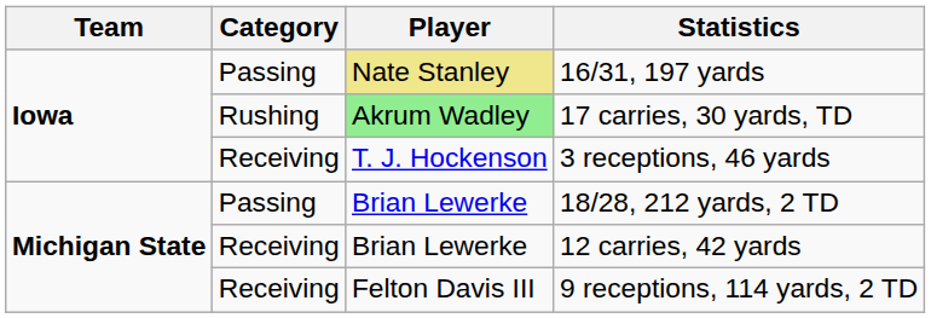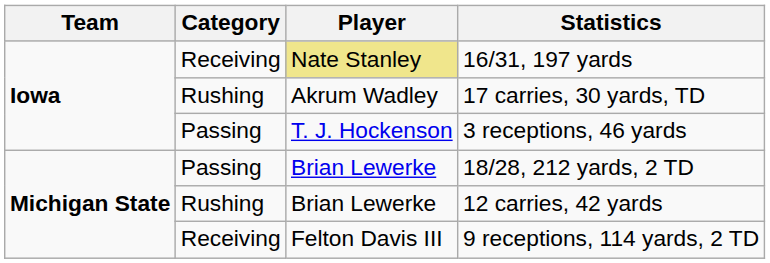 <table class="wikitable" style="float: left;">
 <tr>
 <th>Team</th>
 <th>Category</th>
 <th>Player</th>
 <th>Statistics</th>
 </tr>
 <tr>
 <td rowspan=3><strong>Iowa</strong></td>
-<td>Passing</td>
+<td>Receiving</td>
 <td style="background: khaki;">Nate Stanley</td>
 <td>16/31, 197 yards</td>
 </tr>
 <tr>
 <td>Rushing</td>
-<td style="background: lightgreen;">Akrum Wadley</td>
+<td>Akrum Wadley</td>
 <td>17 carries, 30 yards, TD</td>
 </tr>
 <tr>
-<td>Receiving</td>
+<td>Passing</td>
 <td><a href='#'>T. J. Hockenson</a></td>
 <td>3 receptions, 46 yards</td>
 </tr>
 <tr>
 <td rowspan=3><strong>Michigan State</strong></td>
 <td>Passing</td>
 <td><a href='#'>Brian Lewerke</a></td>
 <td>18/28, 212 yards, 2 TD</td>
 </tr>
 <tr>
-<td>Receiving</td>
+<td>Rushing</td>
 <td>Brian Lewerke</td>
 <td>12 carries, 42 yards</td>
 </tr>
 <tr>
 <td>Receiving</td>
 <td>Felton Davis III</td>
 <td>9 receptions, 114 yards, 2 TD</td>
 </tr>
 </table>
